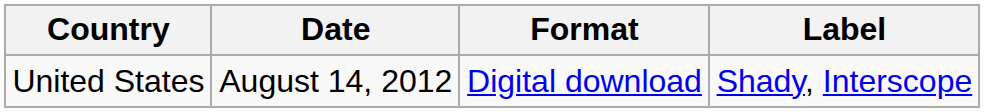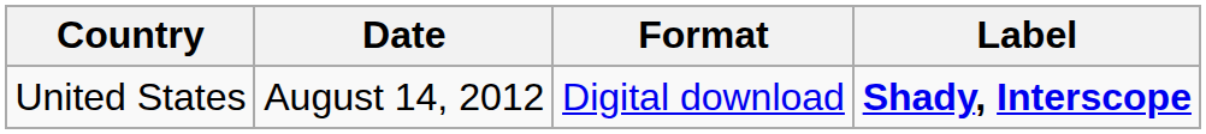 <table class="wikitable">
 <tr>
 <th>Country</th>
 <th>Date</th>
 <th>Format</th>
 <th>Label</th>
 </tr>
 <tr>
 <td>United States</td>
 <td rowspan="1">August 14, 2012</td>
 <td rowspan="1"><a href='#'>Digital download</a></td>
-<td rowspan="1"><a href='#'>Shady</a>, <a href='#'>Interscope</a></td>
+<td rowspan="1"><strong><a href='#'>Shady</a>, <a href='#'>Interscope</a></strong></td>
 </tr>
 <tr>
 </tr>
 </table>
